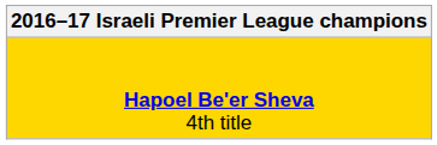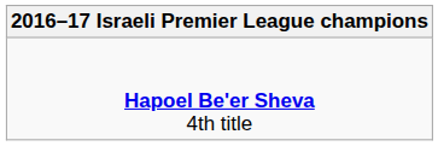 <table class=wikitable style="text-align:center; margin:auto">
 <tr>
 <th>2016–17 Israeli Premier League champions</th>
 </tr>
 <tr>
-<td style="background: gold;"><br><br> <strong><a href='#'>Hapoel Be'er Sheva</a></strong><br>4th title</td>
+<td><br><br> <strong><a href='#'>Hapoel Be'er Sheva</a></strong><br>4th title</td>
 </tr>
 </table>
